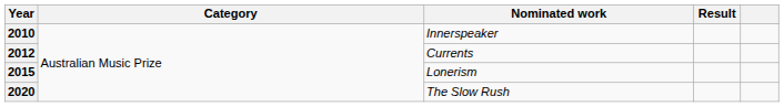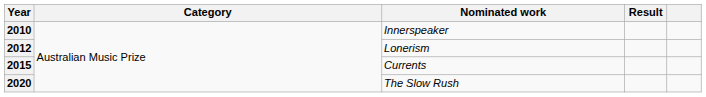 <table class="wikitable plainrowheaders" style="width:80%;">
 <tr>
 <th scope="col" style="width:4%;">Year</th>
 <th scope="col" style="width:50%;">Category</th>
 <th scope="col" style="width:35%;">Nominated work</th>
 <th scope="col" style="width:6%;">Result</th>
 <th scope="col" style="width:6%;"></th>
 </tr>
 <tr>
 <th scope="row">2010</th>
 <td rowspan="4">Australian Music Prize</td>
 <td><em>Innerspeaker</em></td>
 <td></td>
 <td></td>
 </tr>
 <tr>
 <th scope="row">2012</th>
-<td><em>Currents</em></td>
+<td><em>Lonerism</em></td>
 <td></td>
 <td></td>
 </tr>
 <tr>
 <th scope="row">2015</th>
-<td><em>Lonerism</em></td>
+<td><em>Currents</em></td>
 <td></td>
 <td></td>
 </tr>
 <tr>
 <th scope="row">2020</th>
 <td><em>The Slow Rush</em></td>
 <td></td>
 <td></td>
 </tr>
 </table>
